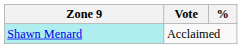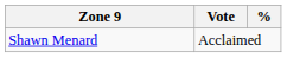 <table class="wikitable">
 <tr>
 <th width="200px">Zone 9</th>
 <th width="50px">Vote</th>
 <th width="30px">%</th>
 </tr>
 <tr>
-<td style="background: paleturquoise;"><a href='#'>Shawn Menard</a></td>
+<td><a href='#'>Shawn Menard</a></td>
 <td colspan="2">Acclaimed</td>
 </tr>
 </table>
